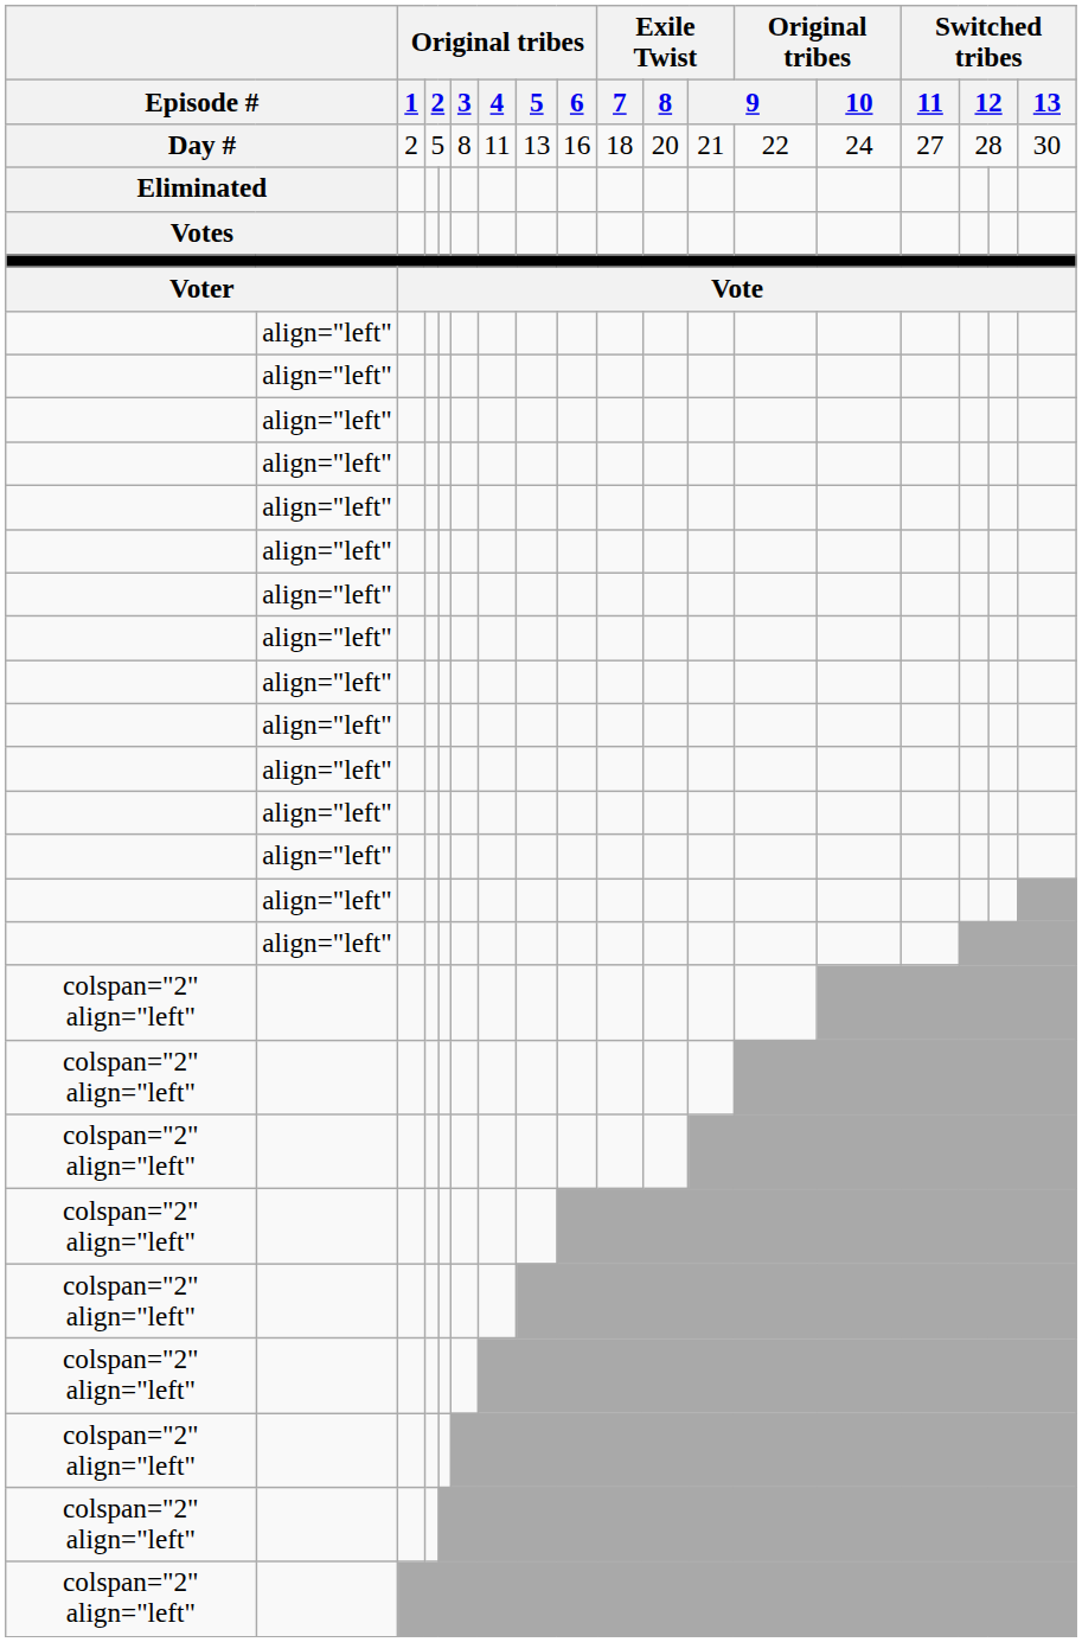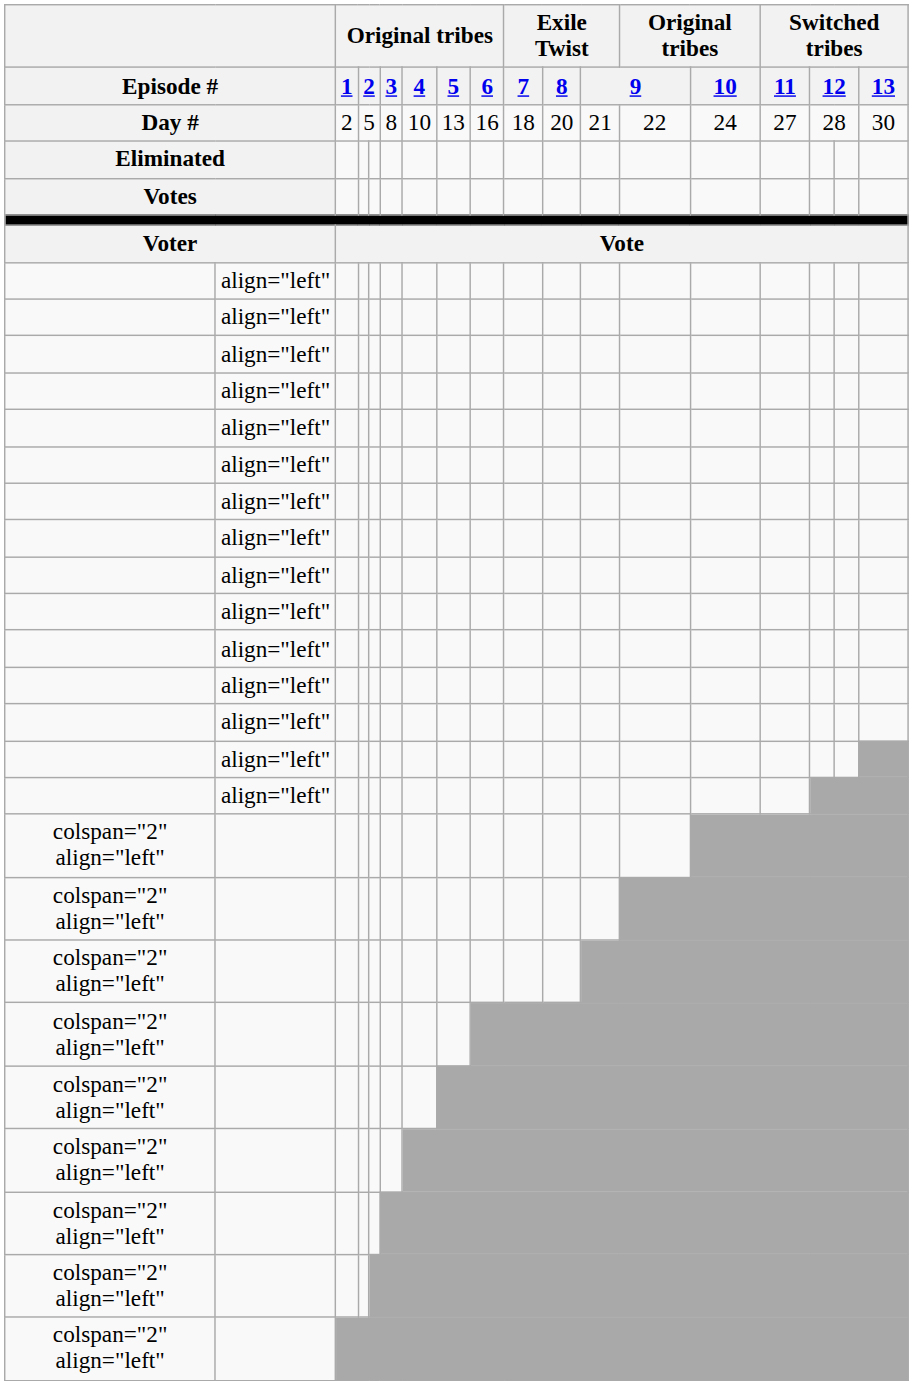 <table class="wikitable nowrap" width=100% style="text-align:center;">
 <tr>
 <th colspan="2"></th>
 <th colspan="7">Original tribes</th>
 <th colspan="3">Exile Twist</th>
 <th colspan="2">Original tribes</th>
 <th colspan="4">Switched tribes</th>
 </tr>
 <tr>
 <th colspan="2">Episode #</th>
 <th><a href='#'>1</a></th>
 <th colspan=2><a href='#'>2</a></th>
 <th><a href='#'>3</a></th>
 <th><a href='#'>4</a></th>
 <th><a href='#'>5</a></th>
 <th><a href='#'>6</a></th>
 <th><a href='#'>7</a></th>
 <th><a href='#'>8</a></th>
 <th colspan=2><a href='#'>9</a></th>
 <th><a href='#'>10</a></th>
 <th><a href='#'>11</a></th>
 <th colspan=2><a href='#'>12</a></th>
 <th><a href='#'>13</a></th>
 </tr>
 <tr>
 <th colspan="2">Day #</th>
 <td>2</td>
 <td colspan=2>5</td>
 <td>8</td>
-<td>11</td>
+<td>10</td>
 <td>13</td>
 <td>16</td>
 <td>18</td>
 <td>20</td>
 <td>21</td>
 <td>22</td>
 <td>24</td>
 <td>27</td>
 <td colspan=2>28</td>
 <td>30</td>
 </tr>
 <tr>
 <th colspan="2">Eliminated</th>
 <td></td>
 <td></td>
 <td></td>
 <td></td>
 <td></td>
 <td></td>
 <td></td>
 <td></td>
 <td></td>
 <td></td>
 <td></td>
 <td></td>
 <td></td>
 <td></td>
 <td></td>
 <td></td>
 </tr>
 <tr>
 <th colspan="2">Votes</th>
 <td></td>
 <td></td>
 <td></td>
 <td></td>
 <td></td>
 <td></td>
 <td></td>
 <td></td>
 <td></td>
 <td></td>
 <td></td>
 <td></td>
 <td></td>
 <td></td>
 <td></td>
 <td></td>
 </tr>
 <tr>
 <td colspan="18" bgcolor="black"></td>
 </tr>
 <tr>
 <th colspan="2">Voter</th>
 <th colspan=24>Vote</th>
 </tr>
 <tr>
 <td></td>
 <td>align="left" </td>
 <td></td>
 <td></td>
 <td></td>
 <td></td>
 <td></td>
 <td></td>
 <td></td>
 <td></td>
 <td></td>
 <td></td>
 <td></td>
 <td></td>
 <td></td>
 <td></td>
 <td></td>
 <td></td>
 </tr>
 <tr>
 <td></td>
 <td>align="left" </td>
 <td></td>
 <td></td>
 <td></td>
 <td></td>
 <td></td>
 <td></td>
 <td></td>
 <td></td>
 <td></td>
 <td></td>
 <td></td>
 <td></td>
 <td></td>
 <td></td>
 <td></td>
 <td></td>
 </tr>
 <tr>
 <td></td>
 <td>align="left" </td>
 <td></td>
 <td></td>
 <td></td>
 <td></td>
 <td></td>
 <td></td>
 <td></td>
 <td></td>
 <td></td>
 <td></td>
 <td></td>
 <td></td>
 <td></td>
 <td></td>
 <td></td>
 <td></td>
 </tr>
 <tr>
 <td></td>
 <td>align="left" </td>
 <td></td>
 <td></td>
 <td></td>
 <td></td>
 <td></td>
 <td></td>
 <td></td>
 <td></td>
 <td></td>
 <td></td>
 <td></td>
 <td></td>
 <td></td>
 <td></td>
 <td></td>
 <td></td>
 </tr>
 <tr>
 <td></td>
 <td>align="left" </td>
 <td></td>
 <td></td>
 <td></td>
 <td></td>
 <td></td>
 <td></td>
 <td></td>
 <td></td>
 <td></td>
 <td></td>
 <td></td>
 <td></td>
 <td></td>
 <td></td>
 <td></td>
 <td></td>
 </tr>
 <tr>
 <td></td>
 <td>align="left" </td>
 <td></td>
 <td></td>
 <td></td>
 <td></td>
 <td></td>
 <td></td>
 <td></td>
 <td></td>
 <td></td>
 <td></td>
 <td></td>
 <td></td>
 <td></td>
 <td></td>
 <td></td>
 <td></td>
 </tr>
 <tr>
 <td></td>
 <td>align="left" </td>
 <td></td>
 <td></td>
 <td></td>
 <td></td>
 <td></td>
 <td></td>
 <td></td>
 <td></td>
 <td></td>
 <td></td>
 <td></td>
 <td></td>
 <td></td>
 <td></td>
 <td></td>
 <td></td>
 </tr>
 <tr>
 <td></td>
 <td>align="left" </td>
 <td></td>
 <td></td>
 <td></td>
 <td></td>
 <td></td>
 <td></td>
 <td></td>
 <td></td>
 <td></td>
 <td></td>
 <td></td>
 <td></td>
 <td></td>
 <td></td>
 <td></td>
 <td></td>
 </tr>
 <tr>
 <td></td>
 <td>align="left" </td>
 <td></td>
 <td></td>
 <td></td>
 <td></td>
 <td></td>
 <td></td>
 <td></td>
 <td></td>
 <td></td>
 <td></td>
 <td></td>
 <td></td>
 <td></td>
 <td></td>
 <td></td>
 <td></td>
 </tr>
 <tr>
 <td></td>
 <td>align="left" </td>
 <td></td>
 <td></td>
 <td></td>
 <td></td>
 <td></td>
 <td></td>
 <td></td>
 <td></td>
 <td></td>
 <td></td>
 <td></td>
 <td></td>
 <td></td>
 <td></td>
 <td></td>
 <td></td>
 </tr>
 <tr>
 <td></td>
 <td>align="left" </td>
 <td></td>
 <td></td>
 <td></td>
 <td></td>
 <td></td>
 <td></td>
 <td></td>
 <td></td>
 <td></td>
 <td></td>
 <td></td>
 <td></td>
 <td></td>
 <td></td>
 <td></td>
 <td></td>
 </tr>
 <tr>
 <td></td>
 <td>align="left" </td>
 <td></td>
 <td></td>
 <td></td>
 <td></td>
 <td></td>
 <td></td>
 <td></td>
 <td></td>
 <td></td>
 <td></td>
 <td></td>
 <td></td>
 <td></td>
 <td></td>
 <td></td>
 <td></td>
 </tr>
 <tr>
 <td></td>
 <td>align="left" </td>
 <td></td>
 <td></td>
 <td></td>
 <td></td>
 <td></td>
 <td></td>
 <td></td>
 <td></td>
 <td></td>
 <td></td>
 <td></td>
 <td></td>
 <td></td>
 <td></td>
 <td></td>
 <td></td>
 </tr>
 <tr>
 <td></td>
 <td>align="left" </td>
 <td></td>
 <td></td>
 <td></td>
 <td></td>
 <td></td>
 <td></td>
 <td></td>
 <td></td>
 <td></td>
 <td></td>
 <td></td>
 <td></td>
 <td></td>
 <td></td>
 <td></td>
 <td colspan="16" bgcolor="darkgrey"></td>
 </tr>
 <tr>
 <td></td>
 <td>align="left" </td>
 <td></td>
 <td></td>
 <td></td>
 <td></td>
 <td></td>
 <td></td>
 <td></td>
 <td></td>
 <td></td>
 <td></td>
 <td></td>
 <td></td>
 <td></td>
 <td colspan="17" bgcolor="darkgrey"></td>
 </tr>
 <tr>
 <td>colspan="2" align="left" </td>
 <td></td>
 <td></td>
 <td></td>
 <td></td>
 <td></td>
 <td></td>
 <td></td>
 <td></td>
 <td></td>
 <td></td>
 <td></td>
 <td></td>
 <td colspan="18" bgcolor="darkgrey"></td>
 </tr>
 <tr>
 <td>colspan="2" align="left" </td>
 <td></td>
 <td></td>
 <td></td>
 <td></td>
 <td></td>
 <td></td>
 <td></td>
 <td></td>
 <td></td>
 <td></td>
 <td></td>
 <td colspan="18" bgcolor="darkgrey"></td>
 </tr>
 <tr>
 <td>colspan="2" align="left" </td>
 <td></td>
 <td></td>
 <td></td>
 <td></td>
 <td></td>
 <td></td>
 <td></td>
 <td></td>
 <td></td>
 <td></td>
 <td colspan="18" bgcolor="darkgrey"></td>
 </tr>
 <tr>
 <td>colspan="2" align="left" </td>
 <td></td>
 <td></td>
 <td></td>
 <td></td>
 <td></td>
 <td></td>
 <td></td>
 <td colspan="19" bgcolor="darkgrey"></td>
 </tr>
 <tr>
 <td>colspan="2" align="left" </td>
 <td></td>
 <td></td>
 <td></td>
 <td></td>
 <td></td>
 <td></td>
 <td colspan="20" bgcolor="darkgrey"></td>
 </tr>
 <tr>
 <td>colspan="2" align="left" </td>
 <td></td>
 <td></td>
 <td></td>
 <td></td>
 <td></td>
 <td colspan="21" bgcolor="darkgrey"></td>
 </tr>
 <tr>
 <td>colspan="2" align="left" </td>
 <td></td>
 <td></td>
 <td></td>
 <td></td>
 <td colspan="22" bgcolor="darkgrey"></td>
 </tr>
 <tr>
 <td>colspan="2" align="left" </td>
 <td></td>
 <td></td>
 <td></td>
 <td colspan="23" bgcolor="darkgrey"></td>
 </tr>
 <tr>
 <td>colspan="2" align="left" </td>
 <td></td>
 <td colspan="24" bgcolor="darkgrey"></td>
 </tr>
 <tr>
 </tr>
 </table>
